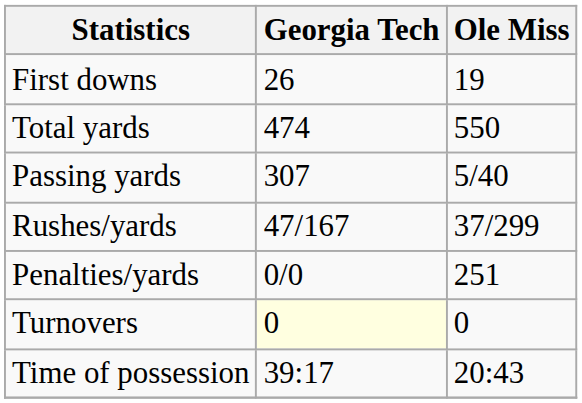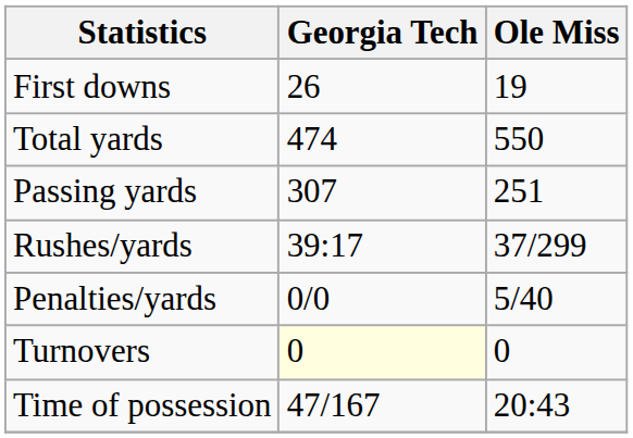 <table class="wikitable" style="float: left;">
 <tr>
 <th>Statistics</th>
 <th>Georgia Tech</th>
 <th>Ole Miss</th>
 </tr>
 <tr>
 <td>First downs</td>
 <td>26</td>
 <td>19</td>
 </tr>
 <tr>
 <td>Total yards</td>
 <td>474</td>
 <td>550</td>
 </tr>
 <tr>
 <td>Passing yards</td>
 <td>307</td>
-<td>5/40</td>
+<td>251</td>
 </tr>
 <tr>
 <td>Rushes/yards</td>
-<td>47/167</td>
+<td>39:17</td>
 <td>37/299</td>
 </tr>
 <tr>
 <td>Penalties/yards</td>
 <td>0/0</td>
-<td>251</td>
+<td>5/40</td>
 </tr>
 <tr>
 <td>Turnovers</td>
 <td style="background: lightyellow;">0</td>
 <td>0</td>
 </tr>
 <tr>
 <td>Time of possession</td>
-<td>39:17</td>
+<td>47/167</td>
 <td>20:43</td>
 </tr>
 <tr>
 </tr>
 </table>
